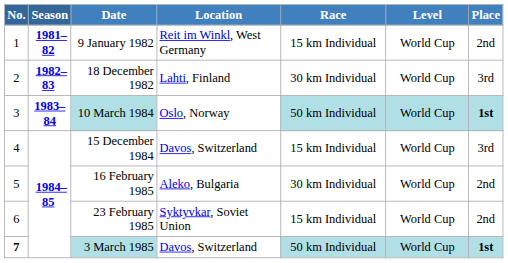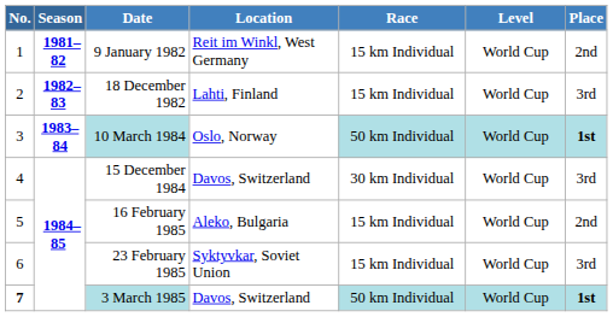 <table class="wikitable sortable" style="font-size:95%; text-align:center; border:grey solid 1px; border-collapse:collapse; background:#ffffff;">
 <tr style="background:#efefef;">
 <th style="background-color:#369; color:white;">No.</th>
 <th style="background-color:#369; color:white;">Season</th>
 <th style="background-color:#4180be; color:white; width:120px;">Date</th>
 <th style="background-color:#4180be; color:white; width:190px;">Location</th>
 <th style="background-color:#4180be; color:white; width:160px;">Race</th>
 <th style="background-color:#4180be; color:white; width:130px;">Level</th>
 <th style="background-color:#4180be; color:white;">Place</th>
 </tr>
 <tr>
 <td align=center>1</td>
 <td rowspan=1 align=center><strong> <a href='#'>1981–82</a> </strong></td>
 <td align=right>9 January 1982</td>
 <td align=left> <a href='#'>Reit im Winkl</a>, West Germany</td>
 <td>15 km Individual</td>
 <td>World Cup</td>
 <td>2nd</td>
 </tr>
 <tr>
 <td align=center>2</td>
 <td rowspan=1 align=center><strong> <a href='#'>1982–83</a> </strong></td>
 <td align=right>18 December 1982</td>
 <td align=left> <a href='#'>Lahti</a>, Finland</td>
-<td>30 km Individual</td>
+<td>15 km Individual</td>
 <td>World Cup</td>
 <td>3rd</td>
 </tr>
 <tr>
 <td align=center>3</td>
 <td rowspan=1 align=center><strong><a href='#'>1983–84</a></strong></td>
 <td bgcolor="#BOEOE6" align=right>10 March 1984</td>
 <td align=left> <a href='#'>Oslo</a>, Norway</td>
 <td bgcolor="#BOEOE6">50 km Individual</td>
 <td bgcolor="#BOEOE6">World Cup</td>
 <td bgcolor="#BOEOE6"><strong>1st</strong></td>
 </tr>
 <tr>
 <td align=center>4</td>
 <td rowspan=4 align=center><strong> <a href='#'>1984–85</a> </strong></td>
 <td align=right>15 December 1984</td>
 <td align=left> <a href='#'>Davos</a>, Switzerland</td>
-<td>15 km Individual</td>
+<td>30 km Individual</td>
 <td>World Cup</td>
 <td>3rd</td>
 </tr>
 <tr>
 <td align=center>5</td>
 <td align=right>16 February 1985</td>
 <td align=left> <a href='#'>Aleko</a>, Bulgaria</td>
-<td>30 km Individual</td>
+<td>15 km Individual</td>
 <td>World Cup</td>
 <td>2nd</td>
 </tr>
 <tr>
 <td align=center>6</td>
 <td align=right>23 February 1985</td>
 <td align=left> <a href='#'>Syktyvkar</a>, Soviet Union</td>
 <td>15 km Individual</td>
 <td>World Cup</td>
-<td>2nd</td>
+<td>3rd</td>
 </tr>
 <tr>
 <td align=center><strong>7</strong></td>
 <td bgcolor="#BOEOE6" align=right>3 March 1985</td>
 <td align=left> <a href='#'>Davos</a>, Switzerland</td>
 <td bgcolor="#BOEOE6">50 km Individual</td>
 <td bgcolor="#BOEOE6">World Cup</td>
 <td bgcolor="#BOEOE6"><strong>1st</strong></td>
 </tr>
 </table>
